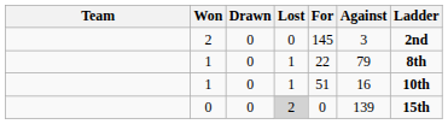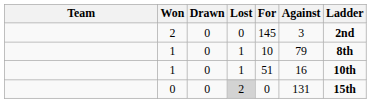 <table class="wikitable">
 <tr>
 <th width="200" bgcolor="#efefef">Team</th>
 <th width="20" bgcolor="#efefef">Won</th>
 <th width="20" bgcolor="#efefef">Drawn</th>
 <th width="20" bgcolor="#efefef">Lost</th>
 <th width="20" bgcolor="#efefef">For</th>
 <th width="20" bgcolor="#efefef">Against</th>
 <th width="20" bgcolor="#efefef">Ladder</th>
 </tr>
 <tr align="center">
 <td align="left"></td>
 <td>2</td>
 <td>0</td>
 <td>0</td>
 <td>145</td>
 <td>3</td>
 <td><strong>2nd</strong></td>
 </tr>
 <tr align="center">
 <td align="left"></td>
 <td>1</td>
 <td>0</td>
 <td>1</td>
-<td>22</td>
+<td>10</td>
 <td>79</td>
 <td><strong>8th</strong></td>
 </tr>
 <tr align="center">
 <td align="left"></td>
 <td>1</td>
 <td>0</td>
 <td>1</td>
 <td>51</td>
 <td>16</td>
 <td><strong>10th</strong></td>
 </tr>
 <tr align="center">
 <td align="left"></td>
 <td>0</td>
 <td>0</td>
 <td style="background: lightgrey;">2</td>
 <td>0</td>
-<td>139</td>
+<td>131</td>
 <td><strong>15th</strong></td>
 </tr>
 </table>
